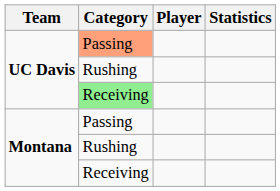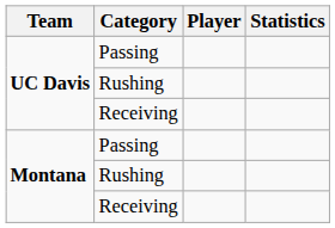 <table class="wikitable" style="float: right;">
 <tr>
 <th>Team</th>
 <th>Category</th>
 <th>Player</th>
 <th>Statistics</th>
 </tr>
 <tr>
 <td rowspan=3><strong>UC Davis</strong></td>
-<td style="background: lightsalmon;">Passing</td>
+<td>Passing</td>
 <td></td>
 <td></td>
 </tr>
 <tr>
 <td>Rushing</td>
 <td></td>
 <td></td>
 </tr>
 <tr>
-<td style="background: lightgreen;">Receiving</td>
+<td>Receiving</td>
 <td></td>
 <td></td>
 </tr>
 <tr>
 <td rowspan=3><strong>Montana</strong></td>
 <td>Passing</td>
 <td></td>
 <td></td>
 </tr>
 <tr>
 <td>Rushing</td>
 <td></td>
 <td></td>
 </tr>
 <tr>
 <td>Receiving</td>
 <td></td>
 <td></td>
 </tr>
 </table>
